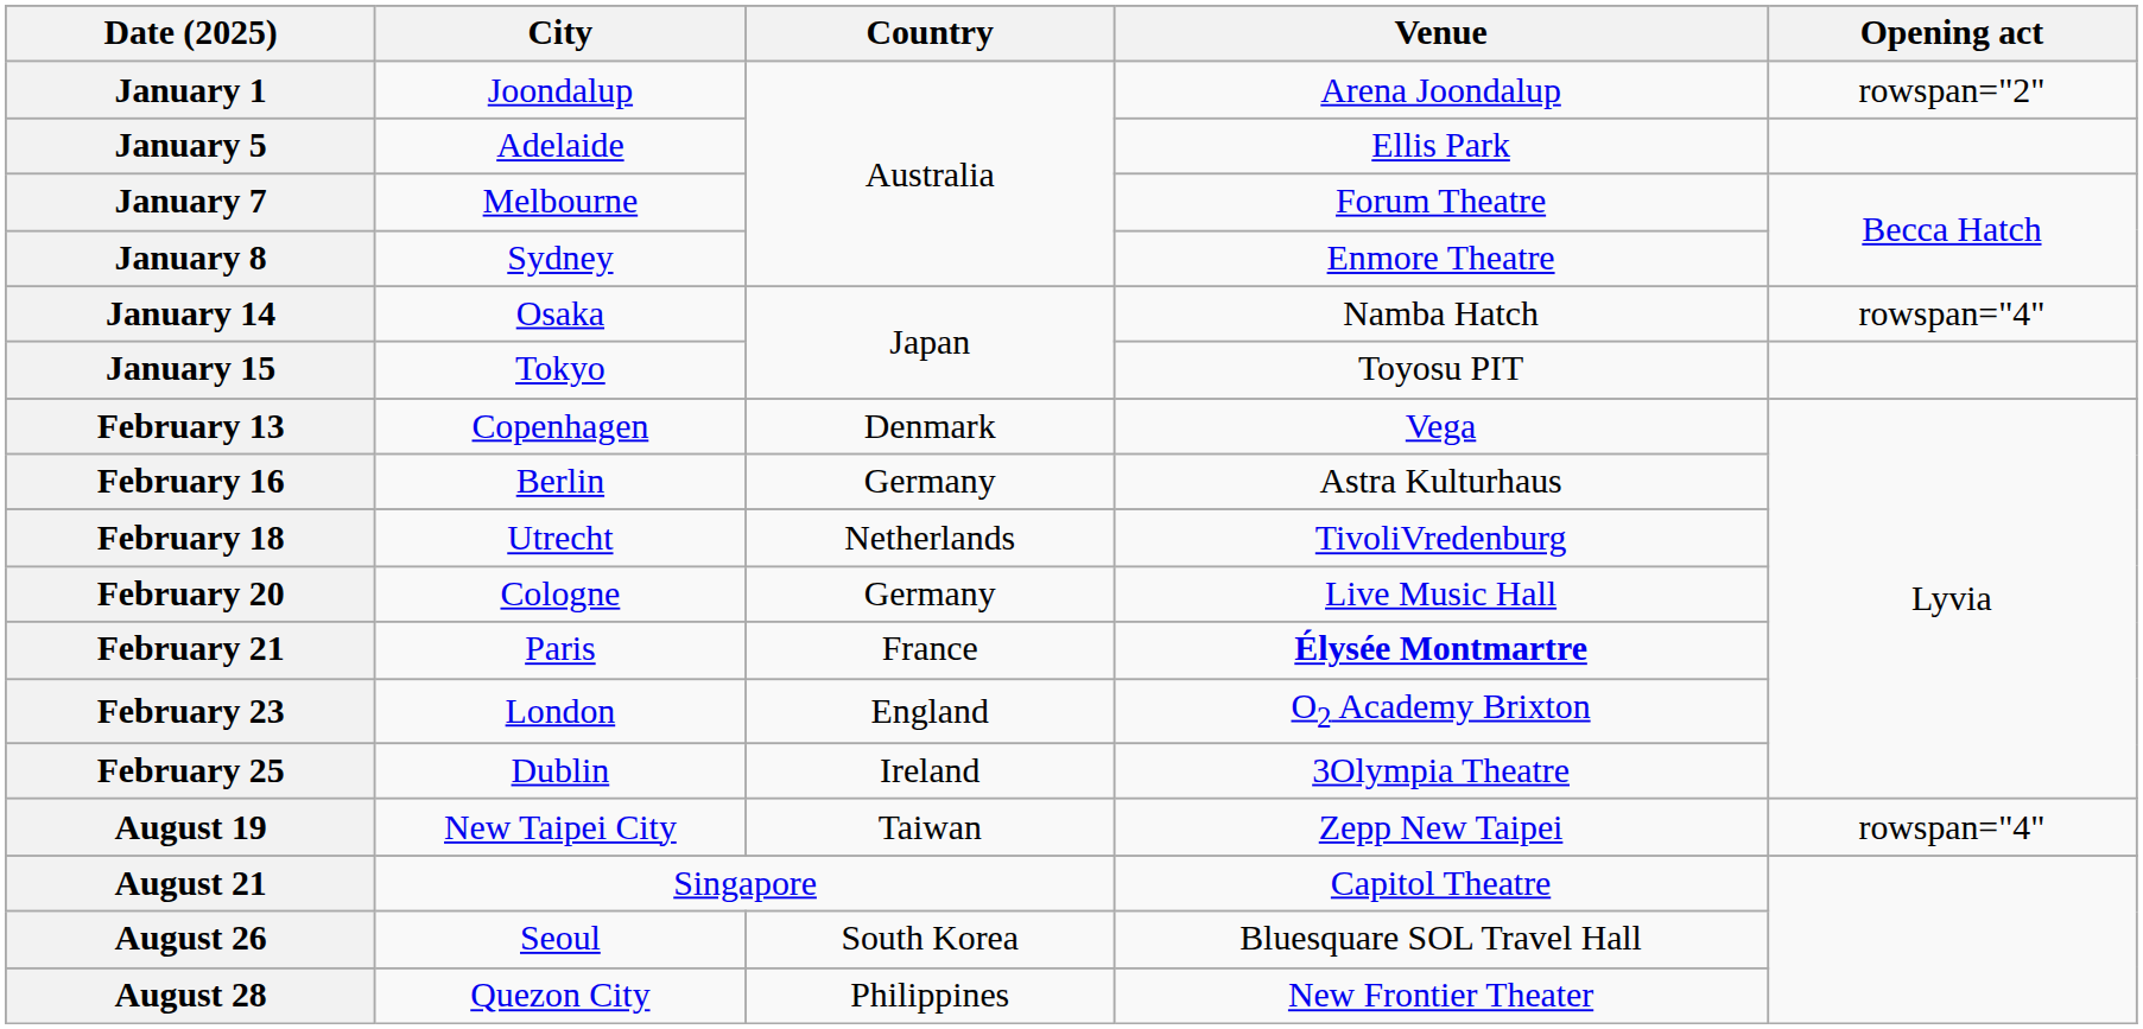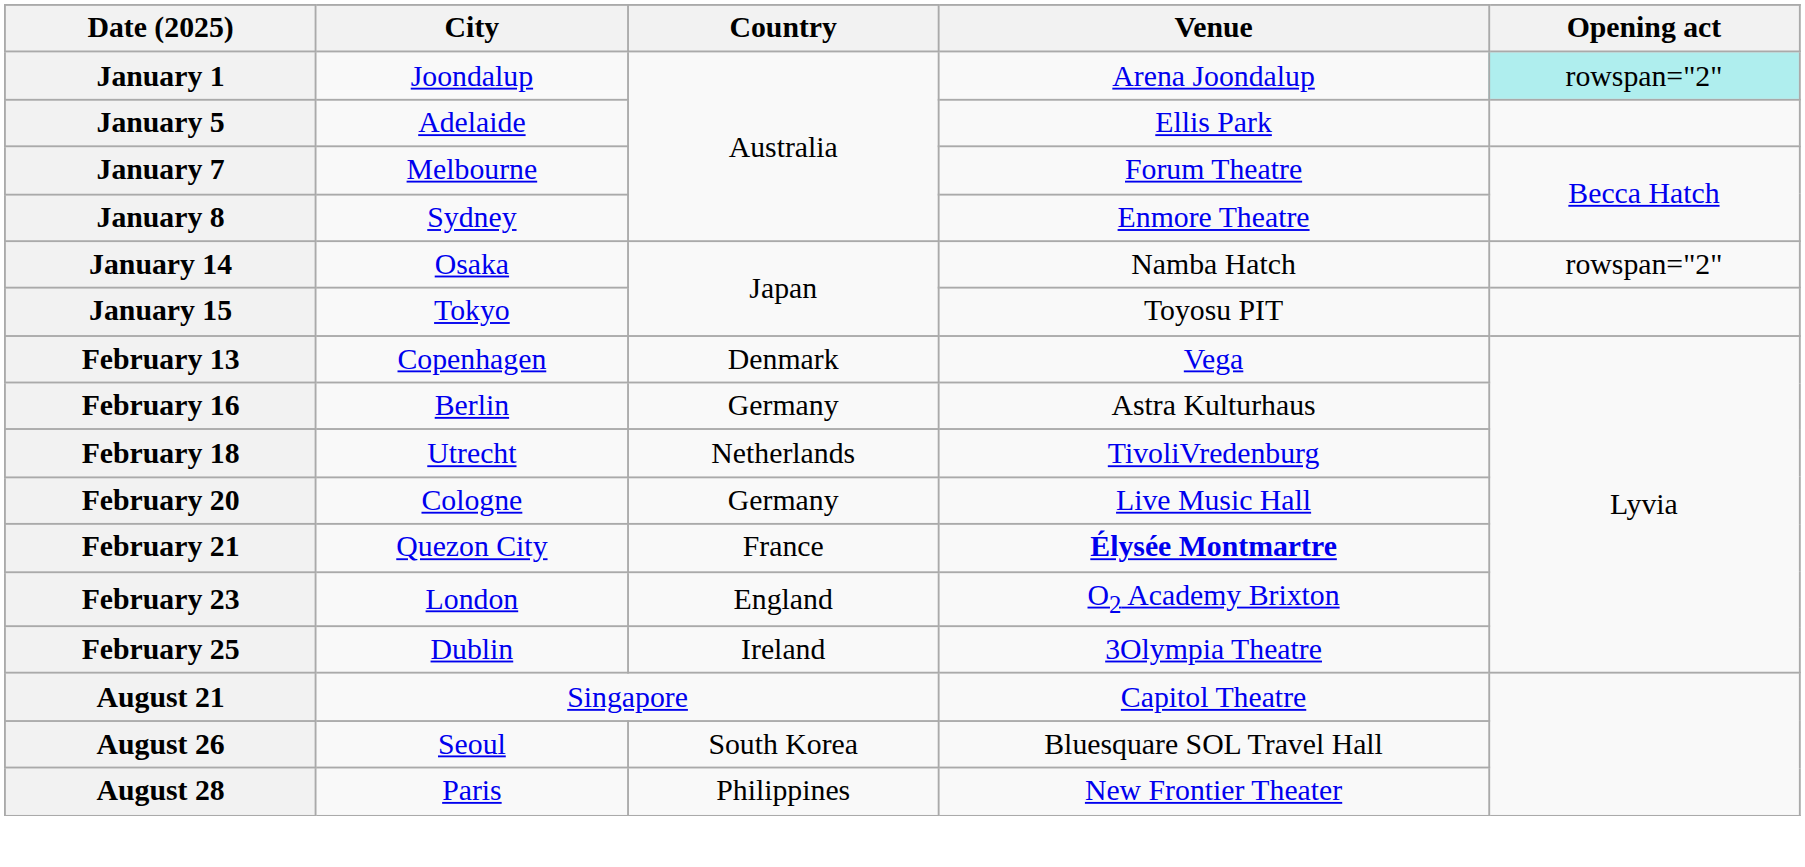 <table class="wikitable plainrowheaders" style="text-align:center;">
 <tr>
 <th scope="col" style="width:10em;">Date (2025)</th>
 <th scope="col" style="width:10em;">City</th>
 <th scope="col" style="width:10em;">Country</th>
 <th scope="col" style="width:18em;">Venue</th>
 <th scope="col" style="width:10em;">Opening act</th>
 </tr>
 <tr>
 <th scope="row" style="text-align:center;">January 1</th>
 <td><a href='#'>Joondalup</a></td>
 <td rowspan="4">Australia</td>
 <td><a href='#'>Arena Joondalup</a></td>
-<td>rowspan="2" </td>
+<td style="background: paleturquoise;">rowspan="2" </td>
 </tr>
 <tr>
 <th scope="row" style="text-align:center;">January 5</th>
 <td><a href='#'>Adelaide</a></td>
 <td><a href='#'>Ellis Park</a></td>
 </tr>
 <tr>
 <th scope="row" style="text-align:center;">January 7</th>
 <td><a href='#'>Melbourne</a></td>
 <td><a href='#'>Forum Theatre</a></td>
 <td rowspan="2"><a href='#'>Becca Hatch</a></td>
 </tr>
 <tr>
 <th scope="row" style="text-align:center;">January 8</th>
 <td><a href='#'>Sydney</a></td>
 <td><a href='#'>Enmore Theatre</a></td>
 </tr>
 <tr>
 <th scope="row" style="text-align:center;">January 14</th>
 <td><a href='#'>Osaka</a></td>
 <td rowspan="2">Japan</td>
 <td>Namba Hatch</td>
-<td>rowspan="4" </td>
+<td>rowspan="2" </td>
 </tr>
 <tr>
 <th scope="row" style="text-align:center;">January 15</th>
 <td><a href='#'>Tokyo</a></td>
 <td>Toyosu PIT</td>
 </tr>
 <tr>
 <th scope="row" style="text-align:center;">February 13</th>
 <td><a href='#'>Copenhagen</a></td>
 <td>Denmark</td>
 <td><a href='#'>Vega</a></td>
 <td rowspan="7">Lyvia</td>
 </tr>
 <tr>
 <th scope="row" style="text-align:center;">February 16</th>
 <td><a href='#'>Berlin</a></td>
 <td>Germany</td>
 <td>Astra Kulturhaus</td>
 </tr>
 <tr>
 <th scope="row" style="text-align:center;">February 18</th>
 <td><a href='#'>Utrecht</a></td>
 <td>Netherlands</td>
 <td><a href='#'>TivoliVredenburg</a></td>
 </tr>
 <tr>
 <th scope="row" style="text-align:center;">February 20</th>
 <td><a href='#'>Cologne</a></td>
 <td>Germany</td>
 <td><a href='#'>Live Music Hall</a></td>
 </tr>
 <tr>
 <th scope="row" style="text-align:center;">February 21</th>
-<td><a href='#'>Paris</a></td>
+<td><a href='#'>Quezon City</a></td>
 <td>France</td>
 <td><strong><a href='#'>Élysée Montmartre</a></strong></td>
 </tr>
 <tr>
 <th scope="row" style="text-align:center;">February 23</th>
 <td><a href='#'>London</a></td>
 <td>England</td>
 <td><a href='#'>O<sub>2</sub> Academy Brixton</a></td>
 </tr>
 <tr>
 <th scope="row" style="text-align:center;">February 25</th>
 <td><a href='#'>Dublin</a></td>
 <td>Ireland</td>
 <td><a href='#'>3Olympia Theatre</a></td>
 </tr>
 <tr>
-<th scope="row" style="text-align:center;">August 19</th>
-<td><a href='#'>New Taipei City</a></td>
-<td>Taiwan</td>
-<td><a href='#'>Zepp New Taipei</a></td>
-<td>rowspan="4" </td>
-</tr>
-<tr>
 <th scope="row" style="text-align:center;">August 21</th>
 <td colspan="2"><a href='#'>Singapore</a></td>
 <td><a href='#'>Capitol Theatre</a></td>
 </tr>
 <tr>
 <th scope="row" style="text-align:center;">August 26</th>
 <td><a href='#'>Seoul</a></td>
 <td>South Korea</td>
 <td>Bluesquare SOL Travel Hall</td>
 </tr>
 <tr>
 <th scope="row" style="text-align:center;">August 28</th>
-<td><a href='#'>Quezon City</a></td>
+<td><a href='#'>Paris</a></td>
 <td>Philippines</td>
 <td><a href='#'>New Frontier Theater</a></td>
 </tr>
 </table>
